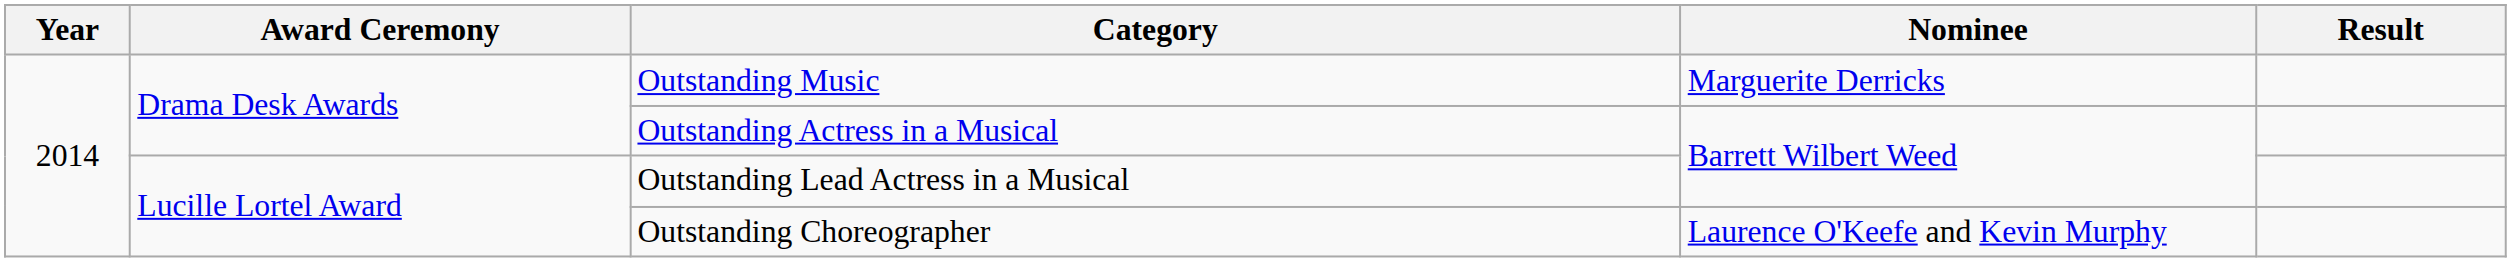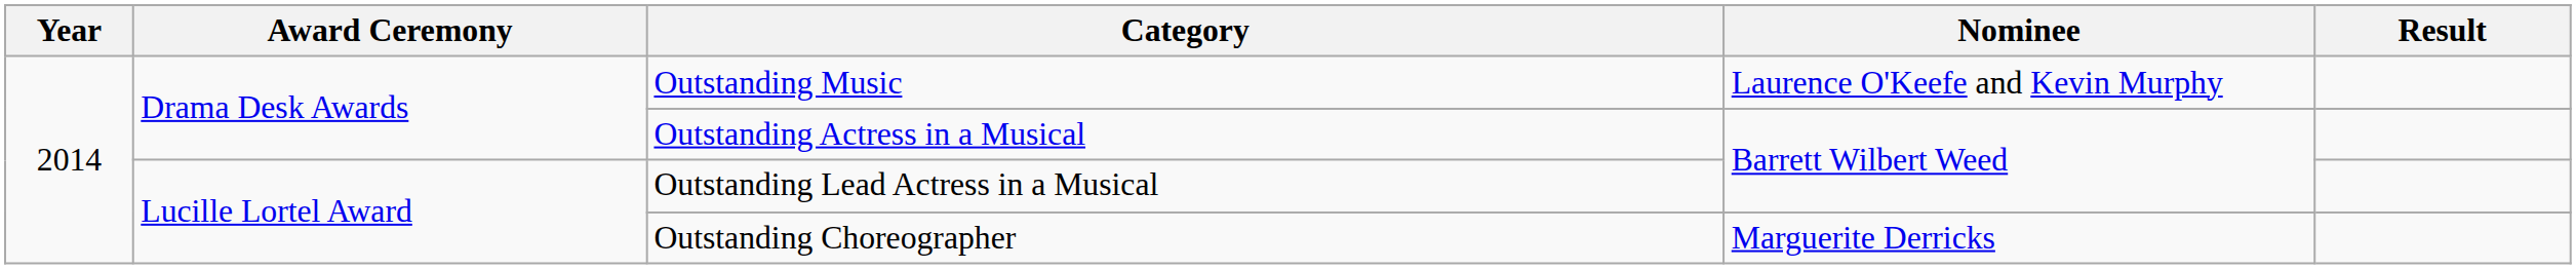 <table class="wikitable" style="width:100%;">
 <tr>
 <th style="width:5%;">Year</th>
 <th style="width:20%;">Award Ceremony</th>
 <th style="width:42%;">Category</th>
 <th style="width:23%;">Nominee</th>
 <th style="width:10%;">Result</th>
 </tr>
 <tr>
 <td rowspan="4" align="center">2014</td>
 <td rowspan="2"><a href='#'>Drama Desk Awards</a></td>
 <td><a href='#'>Outstanding Music</a></td>
-<td><a href='#'>Marguerite Derricks</a></td>
+<td><a href='#'>Laurence O'Keefe</a> and <a href='#'>Kevin Murphy</a></td>
 <td></td>
 </tr>
 <tr>
 <td><a href='#'>Outstanding Actress in a Musical</a></td>
 <td rowspan="2"><a href='#'>Barrett Wilbert Weed</a></td>
 <td></td>
 </tr>
 <tr>
 <td rowspan="2"><a href='#'>Lucille Lortel Award</a></td>
 <td>Outstanding Lead Actress in a Musical</td>
 <td></td>
 </tr>
 <tr>
 <td>Outstanding Choreographer</td>
-<td><a href='#'>Laurence O'Keefe</a> and <a href='#'>Kevin Murphy</a></td>
+<td><a href='#'>Marguerite Derricks</a></td>
 <td></td>
 </tr>
 </table>
